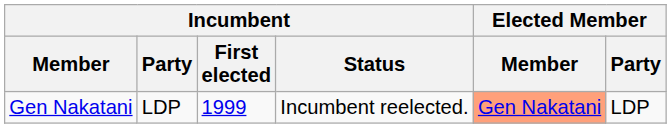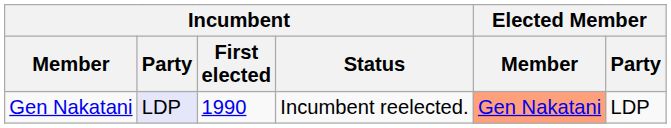 <table class="wikitable sortable">
 <tr>
 <th colspan=4>Incumbent</th>
 <th colspan=2>Elected Member</th>
 </tr>
 <tr>
 <th>Member</th>
 <th>Party</th>
 <th>First<br>elected</th>
 <th>Status</th>
 <th>Member</th>
 <th>Party</th>
 </tr>
 <tr>
 <td><a href='#'>Gen Nakatani</a></td>
-<td>LDP</td>
-<td><a href='#'>1999</a></td>
+<td style="background: lavender;">LDP</td>
+<td><a href='#'>1990</a></td>
 <td>Incumbent reelected.</td>
 <td style="background: lightsalmon;"><a href='#'>Gen Nakatani</a></td>
 <td>LDP</td>
 </tr>
 </table>
